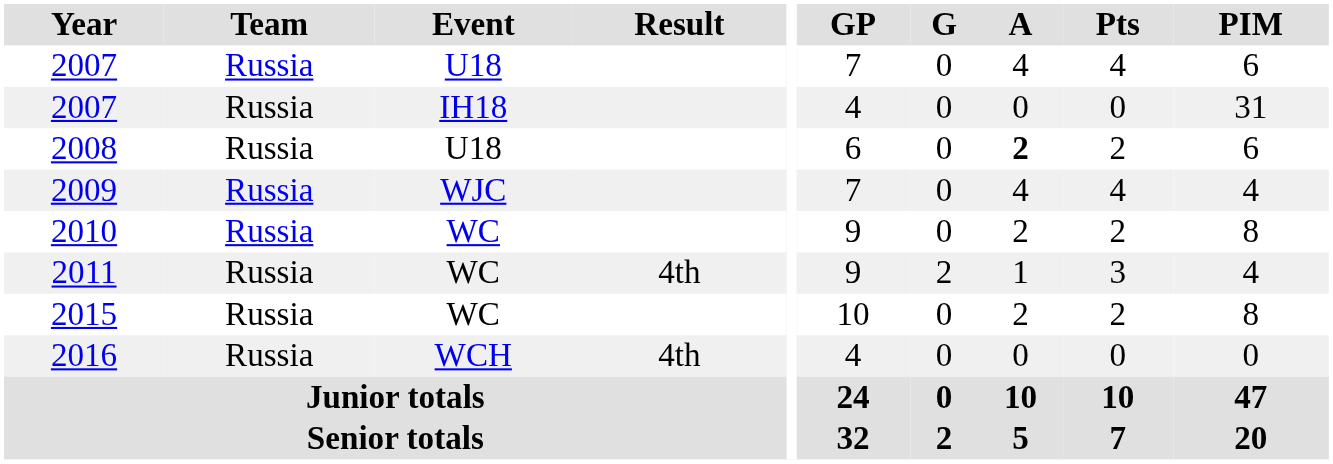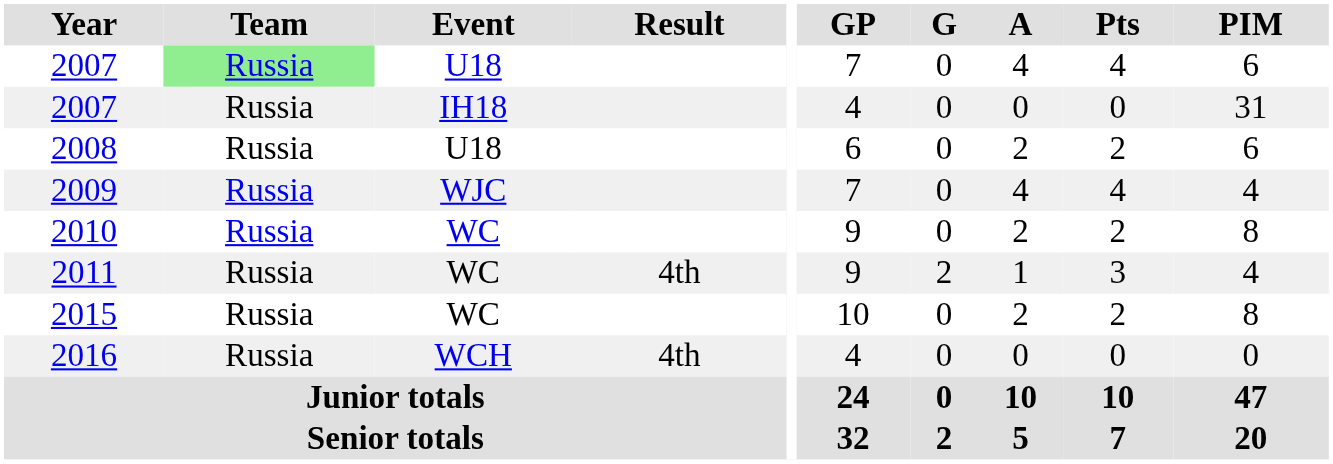 <table border="0" cellpadding="1" cellspacing="0" ID="Table3" style="text-align:center; width:40em">
 <tr ALIGN="center" bgcolor="#e0e0e0">
 <th>Year</th>
 <th>Team</th>
 <th>Event</th>
 <th>Result</th>
 <th rowspan="99" bgcolor="#ffffff"></th>
 <th>GP</th>
 <th>G</th>
 <th>A</th>
 <th>Pts</th>
 <th>PIM</th>
 </tr>
 <tr>
 <td><a href='#'>2007</a></td>
-<td><a href='#'>Russia</a></td>
+<td style="background: lightgreen;"><a href='#'>Russia</a></td>
 <td><a href='#'>U18</a></td>
 <td></td>
 <td>7</td>
 <td>0</td>
 <td>4</td>
 <td>4</td>
 <td>6</td>
 </tr>
 <tr bgcolor="#f0f0f0">
 <td><a href='#'>2007</a></td>
 <td>Russia</td>
 <td><a href='#'>IH18</a></td>
 <td></td>
 <td>4</td>
 <td>0</td>
 <td>0</td>
 <td>0</td>
 <td>31</td>
 </tr>
 <tr>
 <td><a href='#'>2008</a></td>
 <td>Russia</td>
 <td>U18</td>
 <td></td>
 <td>6</td>
 <td>0</td>
-<td><strong>2</strong></td>
+<td>2</td>
 <td>2</td>
 <td>6</td>
 </tr>
 <tr bgcolor="#f0f0f0">
 <td><a href='#'>2009</a></td>
 <td><a href='#'>Russia</a></td>
 <td><a href='#'>WJC</a></td>
 <td></td>
 <td>7</td>
 <td>0</td>
 <td>4</td>
 <td>4</td>
 <td>4</td>
 </tr>
 <tr>
 <td><a href='#'>2010</a></td>
 <td><a href='#'>Russia</a></td>
 <td><a href='#'>WC</a></td>
 <td></td>
 <td>9</td>
 <td>0</td>
 <td>2</td>
 <td>2</td>
 <td>8</td>
 </tr>
 <tr bgcolor="#f0f0f0">
 <td><a href='#'>2011</a></td>
 <td>Russia</td>
 <td>WC</td>
 <td>4th</td>
 <td>9</td>
 <td>2</td>
 <td>1</td>
 <td>3</td>
 <td>4</td>
 </tr>
 <tr>
 <td><a href='#'>2015</a></td>
 <td>Russia</td>
 <td>WC</td>
 <td></td>
 <td>10</td>
 <td>0</td>
 <td>2</td>
 <td>2</td>
 <td>8</td>
 </tr>
 <tr bgcolor="#f0f0f0">
 <td><a href='#'>2016</a></td>
 <td>Russia</td>
 <td><a href='#'>WCH</a></td>
 <td>4th</td>
 <td>4</td>
 <td>0</td>
 <td>0</td>
 <td>0</td>
 <td>0</td>
 </tr>
 <tr bgcolor="#e0e0e0">
 <th colspan="4">Junior totals</th>
 <th>24</th>
 <th>0</th>
 <th>10</th>
 <th>10</th>
 <th>47</th>
 </tr>
 <tr bgcolor="#e0e0e0">
 <th colspan="4">Senior totals</th>
 <th>32</th>
 <th>2</th>
 <th>5</th>
 <th>7</th>
 <th>20</th>
 </tr>
 </table>
